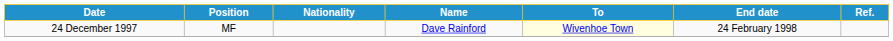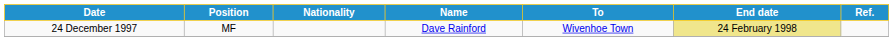 <table class="wikitable" style="text-align:center; font-size:90%; width:100%;">
 <tr>
 <th style="background:#2191CC; color:white; border:1px solid #F7C408; text-align:center;">Date</th>
 <th style="background:#2191CC; color:white; border:1px solid #F7C408; text-align:center;">Position</th>
 <th style="background:#2191CC; color:white; border:1px solid #F7C408; text-align:center;">Nationality</th>
 <th style="background:#2191CC; color:white; border:1px solid #F7C408; text-align:center;">Name</th>
 <th style="background:#2191CC; color:white; border:1px solid #F7C408; text-align:center;">To</th>
 <th style="background:#2191CC; color:white; border:1px solid #F7C408; text-align:center;">End date</th>
 <th style="background:#2191CC; color:white; border:1px solid #F7C408; text-align:center;">Ref.</th>
 </tr>
 <tr>
 <td>24 December 1997</td>
 <td>MF</td>
 <td></td>
 <td><a href='#'>Dave Rainford</a></td>
-<td style="background: lightyellow;"> <a href='#'>Wivenhoe Town</a></td>
-<td>24 February 1998</td>
+<td> <a href='#'>Wivenhoe Town</a></td>
+<td style="background: khaki;">24 February 1998</td>
 <td></td>
 </tr>
 <tr>
 </tr>
 </table>
